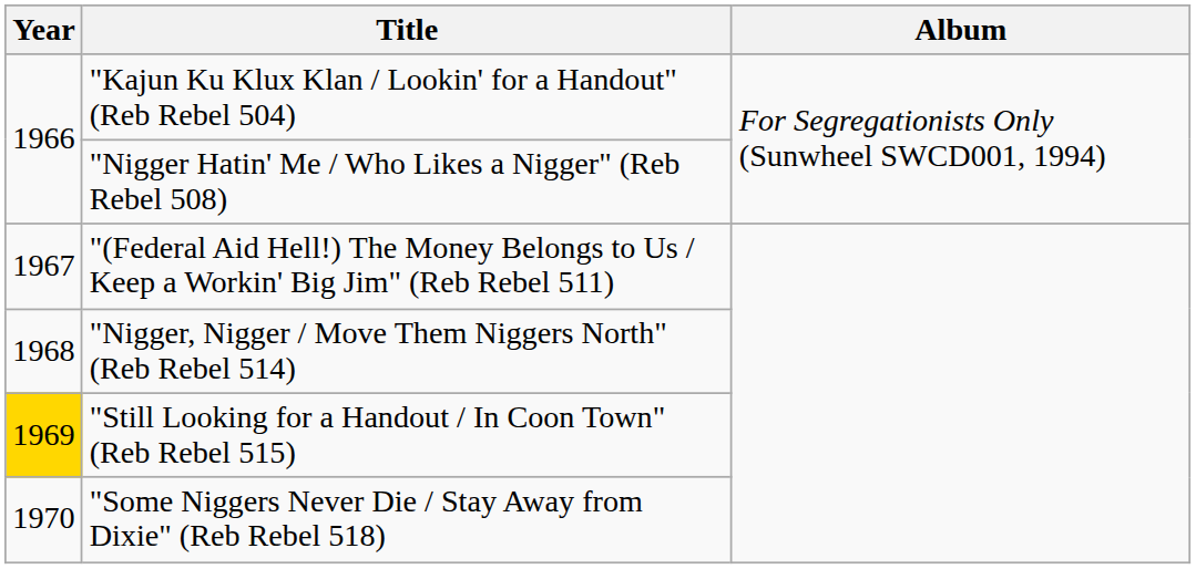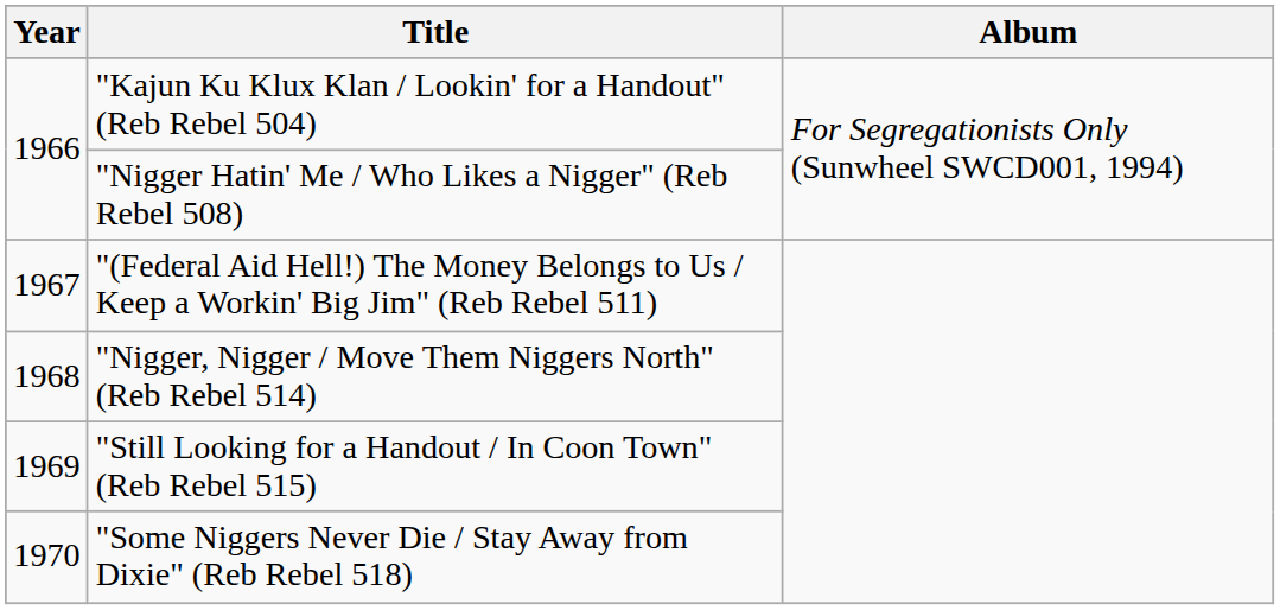 <table class="wikitable" style="text-align:center;">
 <tr>
 <th>Year</th>
 <th>Title</th>
 <th>Album</th>
 </tr>
 <tr>
 <td rowspan="2">1966</td>
 <td style="text-align:left;">"Kajun Ku Klux Klan / Lookin' for a Handout" (Reb Rebel 504)</td>
 <td style="text-align:left;" rowspan="2"><em>For Segregationists Only</em> (Sunwheel SWCD001, 1994)</td>
 </tr>
 <tr>
 <td style="text-align:left;">"Nigger Hatin' Me / Who Likes a Nigger" (Reb Rebel 508)</td>
 </tr>
 <tr>
 <td>1967</td>
 <td style="text-align:left;">"(Federal Aid Hell!) The Money Belongs to Us / Keep a Workin' Big Jim" (Reb Rebel 511)</td>
 <td rowspan="4"></td>
 </tr>
 <tr>
 <td>1968</td>
 <td style="text-align:left;">"Nigger, Nigger / Move Them Niggers North" (Reb Rebel 514)</td>
 </tr>
 <tr>
-<td style="background: gold;">1969</td>
+<td>1969</td>
 <td style="text-align:left;">"Still Looking for a Handout / In Coon Town" (Reb Rebel 515)</td>
 </tr>
 <tr>
 <td>1970</td>
 <td style="text-align:left;">"Some Niggers Never Die / Stay Away from Dixie" (Reb Rebel 518)</td>
 </tr>
 </table>
